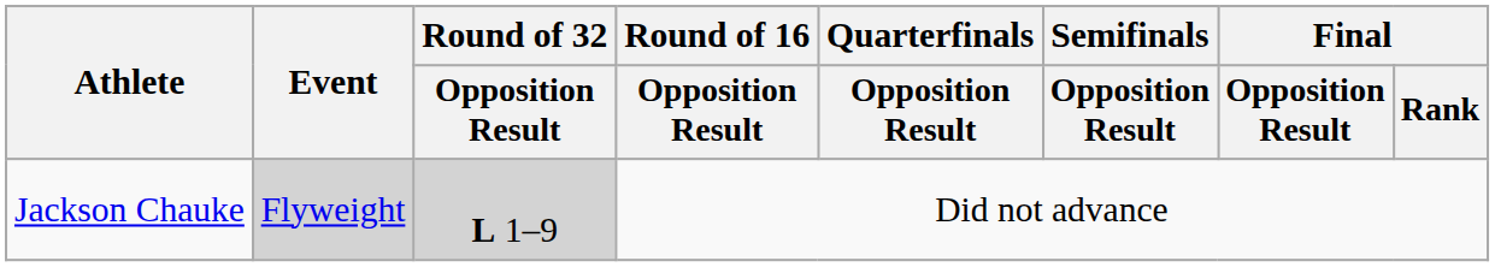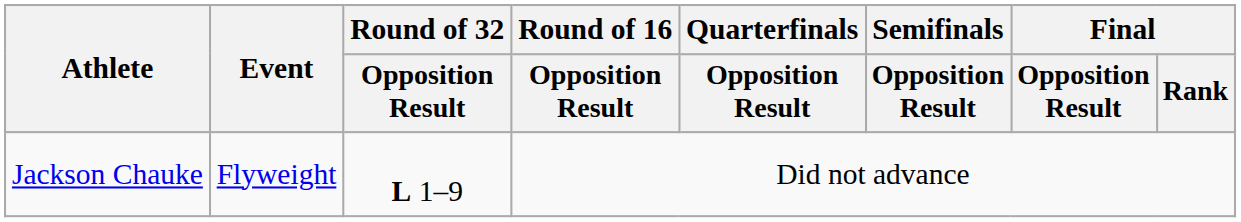 <table class="wikitable" style="font-size:90%">
 <tr>
 <th rowspan="2">Athlete</th>
 <th rowspan="2">Event</th>
 <th>Round of 32</th>
 <th>Round of 16</th>
 <th>Quarterfinals</th>
 <th>Semifinals</th>
 <th colspan=2>Final</th>
 </tr>
 <tr style="font-size:95%">
 <th>Opposition<br>Result</th>
 <th>Opposition<br>Result</th>
 <th>Opposition<br>Result</th>
 <th>Opposition<br>Result</th>
 <th>Opposition<br>Result</th>
 <th>Rank</th>
 </tr>
 <tr align=center>
 <td align=left><a href='#'>Jackson Chauke</a></td>
-<td align=left style="background: lightgrey;"><a href='#'>Flyweight</a></td>
-<td style="background: lightgrey;"><br><strong>L</strong> 1–9</td>
+<td align=left><a href='#'>Flyweight</a></td>
+<td><br><strong>L</strong> 1–9</td>
 <td colspan=5>Did not advance</td>
 </tr>
 </table>
